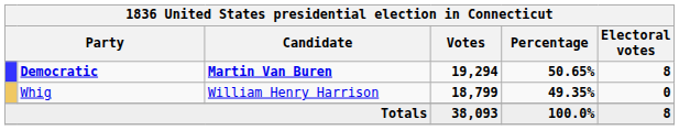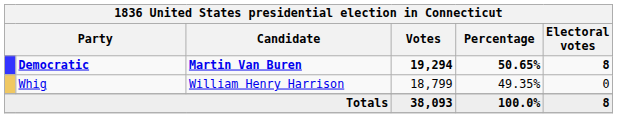 <table class="wikitable" style="font-size: 95%;">
 <tr>
 <th colspan="6">1836 United States presidential election in Connecticut</th>
 </tr>
 <tr>
 <th colspan="2" style="width: 15em">Party</th>
 <th style="width: 17em">Candidate</th>
 <th style="width: 5em">Votes</th>
 <th style="width: 7em">Percentage</th>
 <th style="width: 5em">Electoral votes</th>
 </tr>
 <tr>
 <th style="background-color:#3333FF; width: 3px"></th>
 <td style="width: 130px"><strong><a href='#'>Democratic</a></strong></td>
 <td><strong><a href='#'>Martin Van Buren</a></strong></td>
 <td align="right"><strong>19,294</strong></td>
 <td align="right"><strong>50.65%</strong></td>
 <td align="right"><strong>8</strong></td>
 </tr>
 <tr>
 <th style="background-color:#F0C862; width: 3px"></th>
 <td style="width: 130px"><a href='#'>Whig</a></td>
 <td><a href='#'>William Henry Harrison</a></td>
-<td align="right"><strong>18,799</strong></td>
-<td align="right"><strong>49.35%</strong></td>
-<td align="right"><strong>0</strong></td>
+<td align="right">18,799</td>
+<td align="right">49.35%</td>
+<td align="right">0</td>
 </tr>
 <tr>
 </tr>
 <tr bgcolor="#EEEEEE">
 <td colspan="3" align="right"><strong>Totals</strong></td>
 <td align="right"><strong>38,093</strong></td>
 <td align="right"><strong>100.0%</strong></td>
 <td align="right"><strong>8</strong></td>
 </tr>
 <tr>
 </tr>
 </table>
